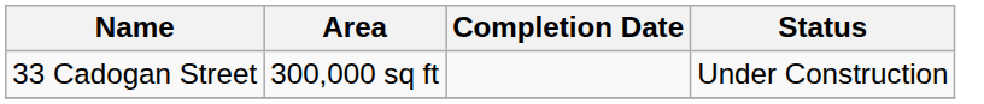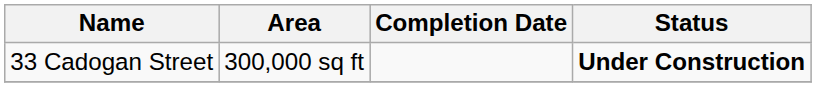 <table class="wikitable">
 <tr>
 <th>Name</th>
 <th>Area</th>
 <th>Completion Date</th>
 <th>Status</th>
 </tr>
 <tr>
 <td>33 Cadogan Street</td>
 <td>300,000 sq ft</td>
 <td></td>
-<td>Under Construction</td>
+<td><strong>Under Construction</strong></td>
 </tr>
 <tr>
 </tr>
 </table>
